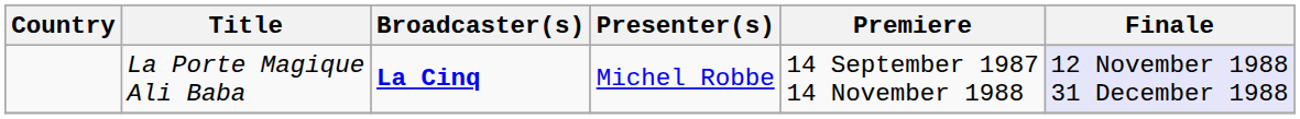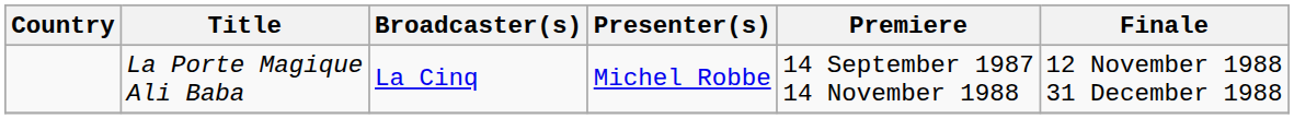 <table class="wikitable">
 <tr>
 <th>Country</th>
 <th>Title</th>
 <th>Broadcaster(s)</th>
 <th>Presenter(s)</th>
 <th>Premiere</th>
 <th>Finale</th>
 </tr>
 <tr>
 <td></td>
 <td><em>La Porte Magique</em><br><em>Ali Baba</em></td>
-<td><strong><a href='#'>La Cinq</a></strong></td>
+<td><a href='#'>La Cinq</a></td>
 <td><a href='#'>Michel Robbe</a></td>
 <td>14 September 1987<br>14 November 1988</td>
-<td style="background: lavender;">12 November 1988<br>31 December 1988</td>
+<td>12 November 1988<br>31 December 1988</td>
 </tr>
 <tr>
 </tr>
 </table>
